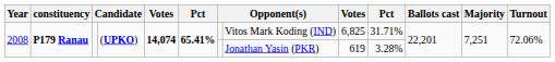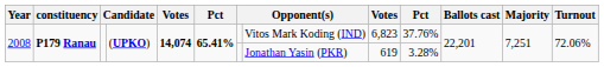 <table class="wikitable" style="margin:0.5em ; font-size:95%">
 <tr>
 <th>Year</th>
 <th>constituency</th>
 <th colspan=2>Candidate</th>
 <th>Votes</th>
 <th>Pct</th>
 <th colspan=2>Opponent(s)</th>
 <th>Votes</th>
 <th>Pct</th>
 <th>Ballots cast</th>
 <th>Majority</th>
 <th>Turnout</th>
 </tr>
 <tr>
 <td rowspan=2><a href='#'>2008</a></td>
 <td rowspan=2><strong>P179 <a href='#'>Ranau</a></strong></td>
 <td rowspan=2 ></td>
 <td rowspan=2> (<a href='#'><strong>UPKO</strong></a>)</td>
 <td rowspan=2 align="right"><strong>14,074</strong></td>
 <td rowspan=2><strong>65.41%</strong></td>
 <td></td>
 <td>Vitos Mark Koding (<a href='#'>IND</a>)</td>
-<td align="right">6,825</td>
-<td>31.71%</td>
+<td align="right">6,823</td>
+<td>37.76%</td>
 <td rowspan=2>22,201</td>
 <td rowspan=2>7,251</td>
 <td rowspan=2>72.06%</td>
 </tr>
 <tr>
 <td></td>
 <td><a href='#'>Jonathan Yasin</a> (<a href='#'>PKR</a>)</td>
 <td align="right">619</td>
 <td align="right">3.28%</td>
 </tr>
 </table>
